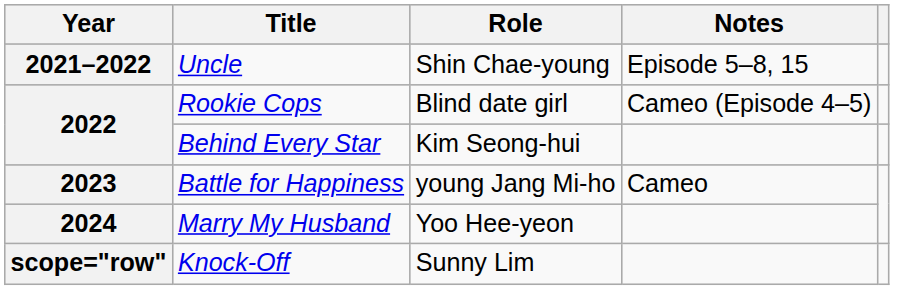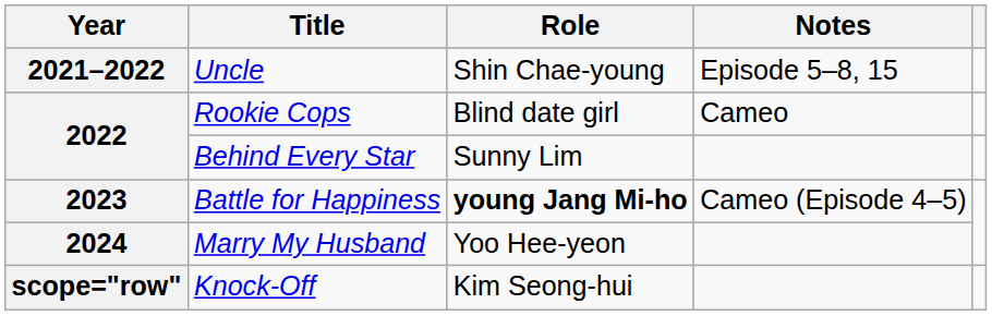 <table class="wikitable plainrowheaders sortable">
 <tr>
 <th scope="col">Year</th>
 <th scope="col">Title</th>
 <th scope="col">Role</th>
 <th scope="col">Notes</th>
 <th scope="col" class="unsortable"></th>
 </tr>
 <tr>
 <th scope="row">2021–2022</th>
 <td><em><a href='#'>Uncle</a></em></td>
 <td>Shin Chae-young</td>
 <td>Episode 5–8, 15</td>
 <td style="text-align:center"></td>
 </tr>
 <tr>
 <th scope="row" rowspan="2">2022</th>
 <td><em><a href='#'>Rookie Cops</a></em></td>
 <td>Blind date girl</td>
-<td>Cameo (Episode 4–5)</td>
+<td>Cameo</td>
 <td style="text-align:center"></td>
 </tr>
 <tr>
 <td><em><a href='#'>Behind Every Star</a></em></td>
-<td>Kim Seong-hui</td>
+<td>Sunny Lim</td>
 <td></td>
 <td style="text-align:center"></td>
 </tr>
 <tr>
 <th scope="row">2023</th>
 <td><em><a href='#'>Battle for Happiness</a></em></td>
-<td>young Jang Mi-ho</td>
-<td>Cameo</td>
+<td><strong>young Jang Mi-ho</strong></td>
+<td>Cameo (Episode 4–5)</td>
 <td rowspan="2" style="text-align:center"></td>
 </tr>
 <tr>
 <th scope="row">2024</th>
 <td><em><a href='#'>Marry My Husband</a></em></td>
 <td>Yoo Hee-yeon</td>
 <td style="text-align:center"></td>
 </tr>
 <tr>
 <th>scope="row" </th>
 <td><em><a href='#'>Knock-Off</a></em></td>
-<td>Sunny Lim</td>
+<td>Kim Seong-hui</td>
 <td></td>
 <td style="text-align:center"></td>
 </tr>
 </table>
